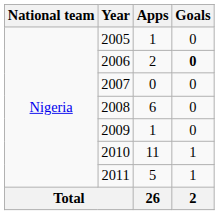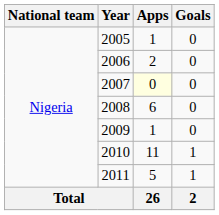 <table class="wikitable" style="text-align:center">
 <tr>
 <th>National team</th>
 <th>Year</th>
 <th>Apps</th>
 <th>Goals</th>
 </tr>
 <tr>
 <td rowspan="7"><a href='#'>Nigeria</a></td>
 <td>2005</td>
 <td>1</td>
 <td>0</td>
 </tr>
 <tr>
 <td>2006</td>
 <td>2</td>
-<td><strong>0</strong></td>
+<td>0</td>
 </tr>
 <tr>
 <td>2007</td>
-<td>0</td>
+<td style="background: lightyellow;">0</td>
 <td>0</td>
 </tr>
 <tr>
 <td>2008</td>
 <td>6</td>
 <td>0</td>
 </tr>
 <tr>
 <td>2009</td>
 <td>1</td>
 <td>0</td>
 </tr>
 <tr>
 <td>2010</td>
 <td>11</td>
 <td>1</td>
 </tr>
 <tr>
 <td>2011</td>
 <td>5</td>
 <td>1</td>
 </tr>
 <tr>
 <th colspan="2">Total</th>
 <th>26</th>
 <th>2</th>
 </tr>
 </table>
